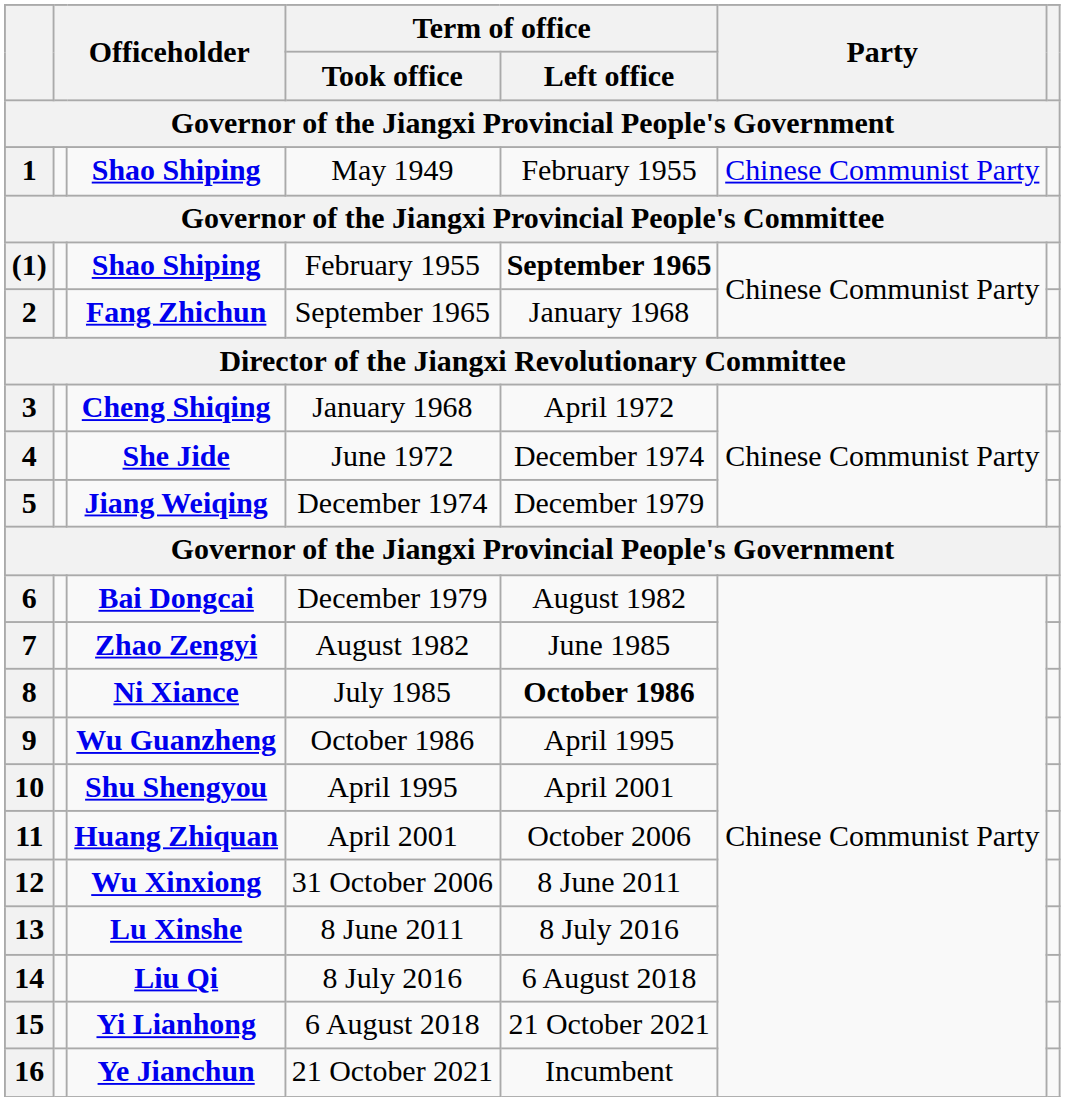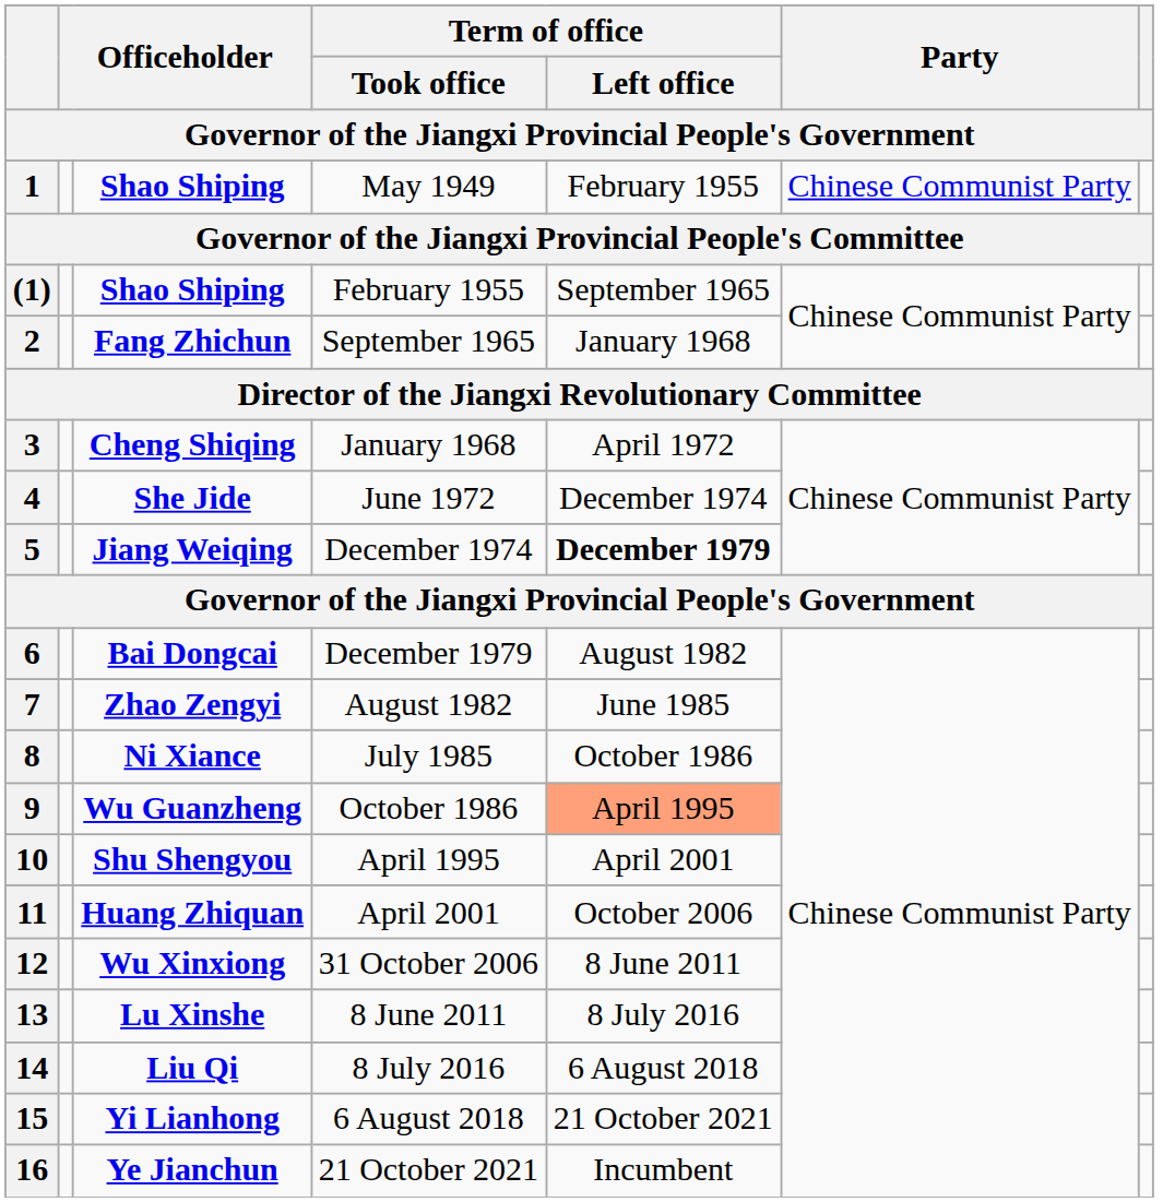 <table class="wikitable" style="text-align:center">
 <tr>
 <th rowspan="2"></th>
 <th colspan="2" rowspan="2">Officeholder</th>
 <th colspan="2">Term of office</th>
 <th rowspan="2">Party</th>
 <th rowspan="2"></th>
 </tr>
 <tr>
 <th>Took office</th>
 <th>Left office</th>
 </tr>
 <tr>
 <th colspan="7">Governor of the Jiangxi Provincial People's Government</th>
 </tr>
 <tr>
 <th>1</th>
 <td></td>
 <td><strong><a href='#'>Shao Shiping</a></strong><br></td>
 <td>May 1949</td>
 <td>February 1955</td>
 <td><a href='#'>Chinese Communist Party</a></td>
 <td></td>
 </tr>
 <tr>
 <th colspan="7">Governor of the Jiangxi Provincial People's Committee</th>
 </tr>
 <tr>
 <th>(1)</th>
 <td></td>
 <td><a href='#'><strong>Shao Shiping</strong></a><br></td>
 <td>February 1955</td>
-<td><strong>September 1965</strong></td>
+<td>September 1965</td>
 <td rowspan="2">Chinese Communist Party</td>
 <td></td>
 </tr>
 <tr>
 <th>2</th>
 <td></td>
 <td><strong><a href='#'>Fang Zhichun</a></strong><br></td>
 <td>September 1965</td>
 <td>January 1968</td>
 <td></td>
 </tr>
 <tr>
 <th colspan="7">Director of the Jiangxi Revolutionary Committee</th>
 </tr>
 <tr>
 <th>3</th>
 <td></td>
 <td><strong><a href='#'>Cheng Shiqing</a></strong><br></td>
 <td>January 1968</td>
 <td>April 1972</td>
 <td rowspan="3">Chinese Communist Party</td>
 <td></td>
 </tr>
 <tr>
 <th>4</th>
 <td></td>
 <td><strong><a href='#'>She Jide</a></strong><br></td>
 <td>June 1972</td>
 <td>December 1974</td>
 <td></td>
 </tr>
 <tr>
 <th>5</th>
 <td></td>
 <td><strong><a href='#'>Jiang Weiqing</a></strong><br></td>
 <td>December 1974</td>
-<td>December 1979</td>
+<td><strong>December 1979</strong></td>
 <td></td>
 </tr>
 <tr>
 <th colspan="7">Governor of the Jiangxi Provincial People's Government</th>
 </tr>
 <tr>
 <th>6</th>
 <td></td>
 <td><strong><a href='#'>Bai Dongcai</a></strong><br></td>
 <td>December 1979</td>
 <td>August 1982</td>
 <td rowspan="11">Chinese Communist Party</td>
 <td></td>
 </tr>
 <tr>
 <th>7</th>
 <td></td>
 <td><strong><a href='#'>Zhao Zengyi</a></strong><br></td>
 <td>August 1982</td>
 <td>June 1985</td>
 <td></td>
 </tr>
 <tr>
 <th>8</th>
 <td></td>
 <td><strong><a href='#'>Ni Xiance</a></strong><br></td>
 <td>July 1985</td>
-<td><strong>October 1986</strong></td>
+<td>October 1986</td>
 <td></td>
 </tr>
 <tr>
 <th>9</th>
 <td></td>
 <td><strong><a href='#'>Wu Guanzheng</a></strong><br></td>
 <td>October 1986</td>
-<td>April 1995</td>
+<td style="background: lightsalmon;">April 1995</td>
 <td></td>
 </tr>
 <tr>
 <th>10</th>
 <td></td>
 <td><strong><a href='#'>Shu Shengyou</a></strong><br></td>
 <td>April 1995</td>
 <td>April 2001</td>
 <td></td>
 </tr>
 <tr>
 <th>11</th>
 <td></td>
 <td><strong><a href='#'>Huang Zhiquan</a></strong><br></td>
 <td>April 2001</td>
 <td>October 2006</td>
 <td></td>
 </tr>
 <tr>
 <th>12</th>
 <td></td>
 <td><strong><a href='#'>Wu Xinxiong</a></strong><br></td>
 <td>31 October 2006</td>
 <td>8 June 2011</td>
 <td></td>
 </tr>
 <tr>
 <th>13</th>
 <td></td>
 <td><strong><a href='#'>Lu Xinshe</a></strong><br></td>
 <td>8 June 2011</td>
 <td>8 July 2016</td>
 <td></td>
 </tr>
 <tr>
 <th>14</th>
 <td></td>
 <td><strong><a href='#'>Liu Qi</a></strong><br></td>
 <td>8 July 2016</td>
 <td>6 August 2018</td>
 <td></td>
 </tr>
 <tr>
 <th>15</th>
 <td></td>
 <td><strong><a href='#'>Yi Lianhong</a></strong><br></td>
 <td>6 August 2018</td>
 <td>21 October 2021</td>
 <td></td>
 </tr>
 <tr>
 <th>16</th>
 <td></td>
 <td><strong><a href='#'>Ye Jianchun</a></strong><br></td>
 <td>21 October 2021</td>
 <td>Incumbent</td>
 <td></td>
 </tr>
 </table>
